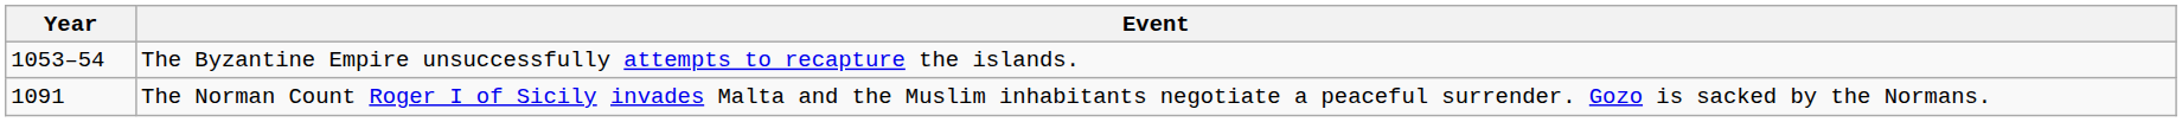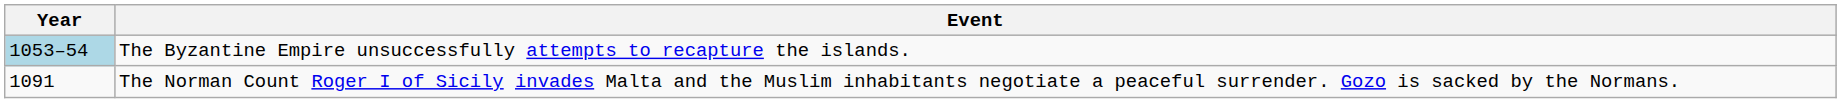 <table class="wikitable" width="100%">
 <tr>
 <th style="width:6%">Year</th>
 <th>Event</th>
 </tr>
 <tr>
-<td>1053–54</td>
+<td style="background: lightblue;">1053–54</td>
 <td>The Byzantine Empire unsuccessfully <a href='#'>attempts to recapture</a> the islands.</td>
 </tr>
 <tr>
 <td>1091</td>
 <td>The Norman Count <a href='#'>Roger I of Sicily</a> <a href='#'>invades</a> Malta and the Muslim inhabitants negotiate a peaceful surrender. <a href='#'>Gozo</a> is sacked by the Normans.</td>
 </tr>
 </table>
